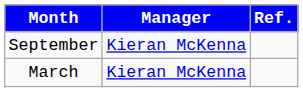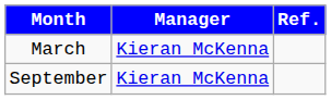 <table class="wikitable" style="text-align:center">
 <tr>
 <th style="background:blue; color:white; width=0%">Month</th>
 <th style="background:blue; color:white; width=0%">Manager</th>
 <th style="background:blue; color:white; width=0%">Ref.</th>
 </tr>
 <tr>
+<td>March</td>
+<td> <a href='#'>Kieran McKenna</a></td>
+<td></td>
+</tr>
+<tr>
 <td>September</td>
 <td> <a href='#'>Kieran McKenna</a></td>
 <td></td>
 </tr>
-<tr>
-<td>March</td>
-<td> <a href='#'>Kieran McKenna</a></td>
-<td></td>
-</tr>
 </table>
